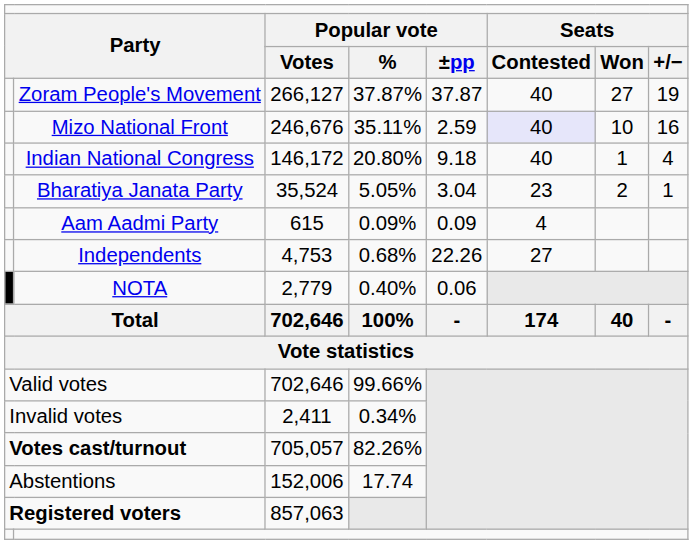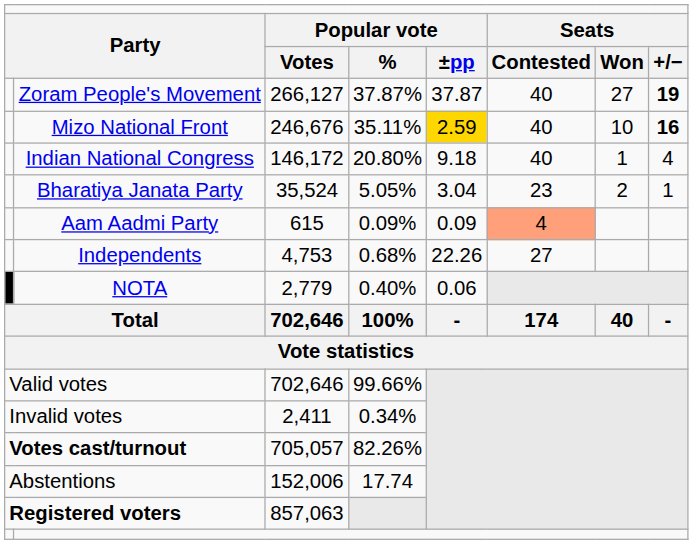 <table class="wikitable sortable" style="text-align:center;">
 <tr>
 <td colspan=10 align=center></td>
 </tr>
 <tr>
 <th colspan="2" rowspan="2">Party</th>
 <th colspan="3">Popular vote</th>
 <th colspan="3">Seats</th>
 </tr>
 <tr>
 <th>Votes</th>
 <th>%</th>
 <th>±<a href='#'>pp</a></th>
 <th>Contested</th>
 <th>Won</th>
 <th><strong>+/−</strong></th>
 </tr>
 <tr>
 <td></td>
 <td><a href='#'>Zoram People's Movement</a></td>
 <td>266,127</td>
 <td>37.87%</td>
 <td>37.87</td>
 <td>40</td>
 <td>27</td>
-<td> 19</td>
+<td><strong> 19</strong></td>
 </tr>
 <tr>
 <td></td>
 <td><a href='#'>Mizo National Front</a></td>
 <td>246,676</td>
 <td>35.11%</td>
-<td> 2.59</td>
-<td style="background: lavender;">40</td>
+<td style="background: gold;"> 2.59</td>
+<td>40</td>
 <td>10</td>
-<td> 16</td>
+<td><strong> 16</strong></td>
 </tr>
 <tr>
 <td></td>
 <td><a href='#'>Indian National Congress</a></td>
 <td>146,172</td>
 <td>20.80%</td>
 <td> 9.18</td>
 <td>40</td>
 <td>1</td>
 <td> 4</td>
 </tr>
 <tr>
 <td></td>
 <td><a href='#'>Bharatiya Janata Party</a></td>
 <td>35,524</td>
 <td>5.05%</td>
 <td> 3.04</td>
 <td>23</td>
 <td>2</td>
 <td> 1</td>
 </tr>
 <tr>
 <td></td>
 <td><a href='#'>Aam Aadmi Party</a></td>
 <td>615</td>
 <td>0.09%</td>
 <td>0.09</td>
-<td>4</td>
+<td style="background: lightsalmon;">4</td>
 <td></td>
 <td></td>
 </tr>
 <tr>
 <td></td>
 <td><a href='#'>Independents</a></td>
 <td>4,753</td>
 <td>0.68%</td>
 <td>22.26</td>
 <td>27</td>
 <td></td>
 <td></td>
 </tr>
 <tr>
 <td bgcolor="Black"></td>
 <td><a href='#'>NOTA</a></td>
 <td>2,779</td>
 <td>0.40%</td>
 <td>0.06</td>
 <th colspan="3" style="background-color:#E9E9E9"></th>
 </tr>
 <tr>
 <th colspan="2">Total</th>
 <th>702,646</th>
 <th>100%</th>
 <th>-</th>
 <th>174</th>
 <th>40</th>
 <th>-</th>
 </tr>
 <tr>
 <th colspan="8">Vote statistics</th>
 </tr>
 <tr>
 <td colspan="2" style="text-align:left;">Valid votes</td>
 <td>702,646</td>
 <td>99.66%</td>
 <th colspan="4" rowspan="5" style="background-color:#E9E9E9"></th>
 </tr>
 <tr>
 <td colspan="2" style="text-align:left;">Invalid votes</td>
 <td>2,411</td>
 <td>0.34%</td>
 </tr>
 <tr>
 <td colspan="2" style="text-align:left;"><strong>Votes cast/turnout</strong></td>
 <td>705,057</td>
 <td>82.26%</td>
 </tr>
 <tr>
 <td colspan="2" style="text-align:left;">Abstentions</td>
 <td>152,006</td>
 <td>17.74</td>
 </tr>
 <tr>
 <td colspan="2" style="text-align:left;"><strong>Registered voters</strong></td>
 <td>857,063</td>
 <td style="background-color:#E9E9E9"></td>
 </tr>
 <tr>
 <td></td>
 </tr>
 </table>
